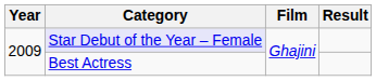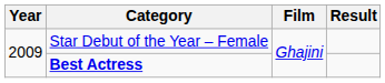 <table class="wikitable sortable">
 <tr>
 <th>Year</th>
 <th>Category</th>
 <th>Film</th>
 <th>Result</th>
 </tr>
 <tr>
 <td rowspan="2">2009</td>
-<td style="background: lavender;"><a href='#'>Star Debut of the Year – Female</a></td>
+<td><a href='#'>Star Debut of the Year – Female</a></td>
 <td rowspan="2"><em><a href='#'>Ghajini</a></em></td>
 <td></td>
 </tr>
 <tr>
-<td><a href='#'>Best Actress</a></td>
+<td><strong><a href='#'>Best Actress</a></strong></td>
 <td></td>
 </tr>
 </table>
